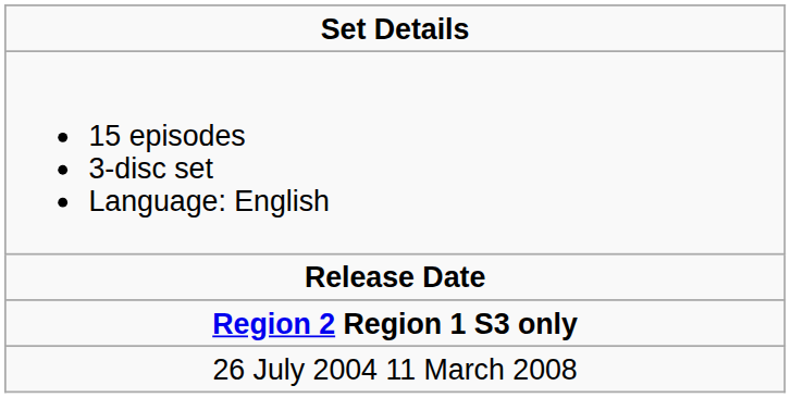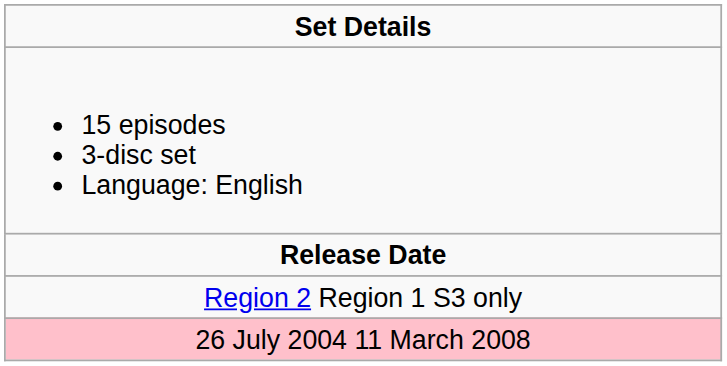 <table class="wikitable" style="font-size: 95%;">
 <tr valign="top">
 <td align="center" width="400" colspan="3"><strong>Set Details</strong></td>
 </tr>
 <tr valign="top">
 <td colspan="3" align="left" width="400"><br><ul><li>15 episodes</li><li>3-disc set</li><li>Language: English</li></ul></td>
 </tr>
 <tr>
 <td colspan="3" align="center"><strong>Release Date</strong></td>
 </tr>
 <tr>
-<td align="center"><strong><a href='#'>Region 2</a> Region 1 S3 only</strong></td>
+<td align="center"><a href='#'>Region 2</a> Region 1 S3 only</td>
 </tr>
 <tr>
-<td align="center">26 July 2004 11 March 2008</td>
+<td align="center" style="background: pink;">26 July 2004 11 March 2008</td>
 </tr>
 </table>
